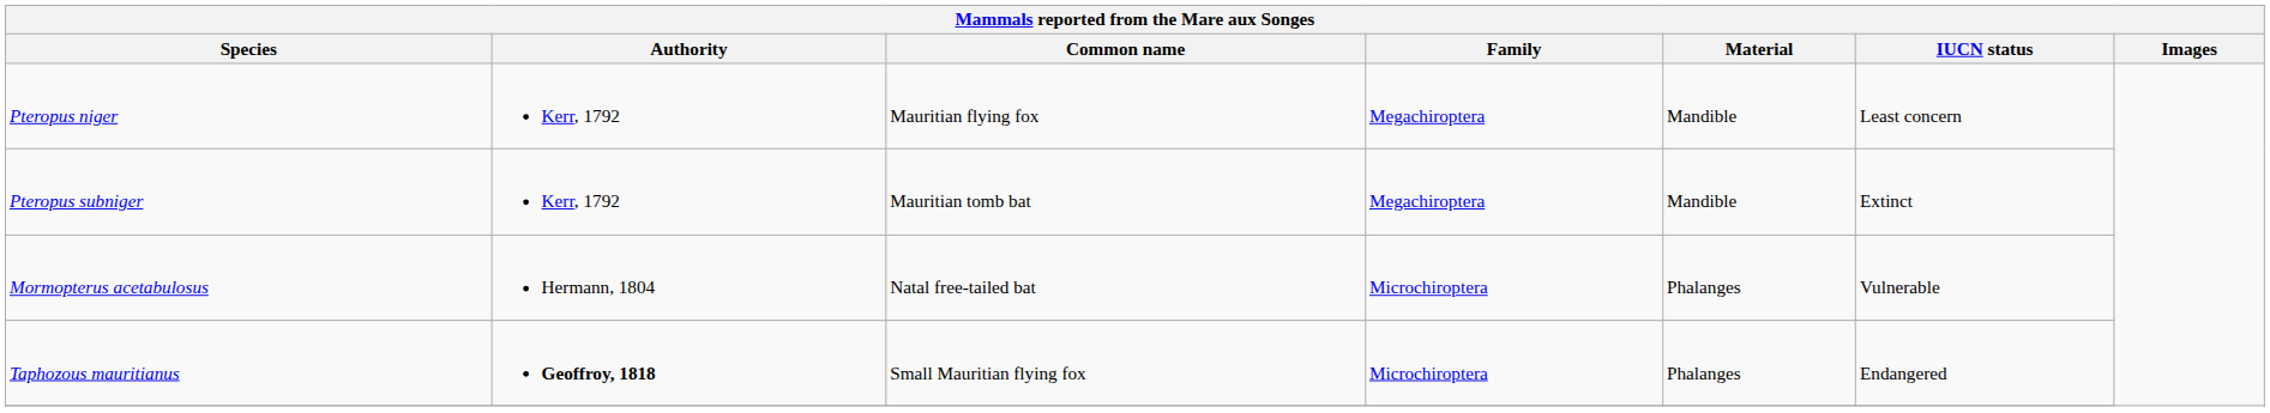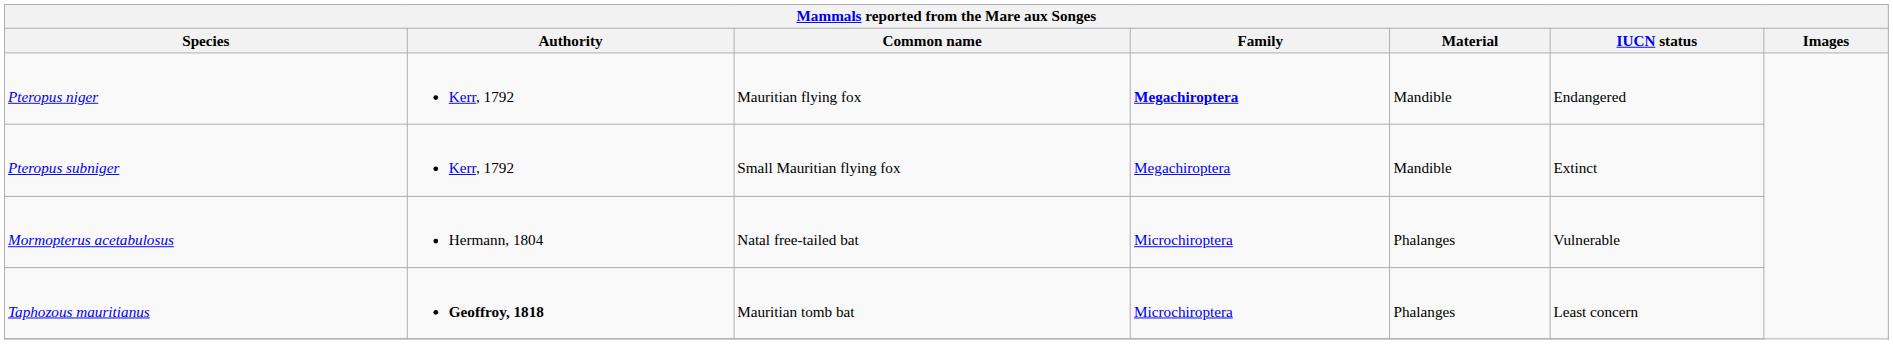 <table class="wikitable" align="center" width="100%">
 <tr>
 <th colspan="7" align="center"><strong><a href='#'>Mammals</a> reported from the Mare aux Songes</strong></th>
 </tr>
 <tr>
 <th>Species</th>
 <th>Authority</th>
 <th>Common name</th>
 <th>Family</th>
 <th>Material</th>
 <th><a href='#'>IUCN</a> status</th>
 <th>Images</th>
 </tr>
 <tr>
 <td><br><em><a href='#'>Pteropus niger</a></em></td>
 <td><br><ul><li><a href='#'>Kerr</a>, 1792</li></ul></td>
 <td><br>Mauritian flying fox</td>
-<td><br><a href='#'>Megachiroptera</a></td>
+<td><strong><br><a href='#'>Megachiroptera</a></strong></td>
 <td><br>Mandible</td>
-<td><br>Least concern</td>
+<td><br>Endangered</td>
 <td rowspan="99"><br> </td>
 </tr>
 <tr>
 <td><br><em><a href='#'>Pteropus subniger</a></em></td>
 <td><br><ul><li><a href='#'>Kerr</a>, 1792</li></ul></td>
-<td><br>Mauritian tomb bat</td>
+<td><br>Small Mauritian flying fox</td>
 <td><br><a href='#'>Megachiroptera</a></td>
 <td><br>Mandible</td>
 <td><br>Extinct</td>
 </tr>
 <tr>
 <td><br><em><a href='#'>Mormopterus acetabulosus</a></em></td>
 <td><br><ul><li>Hermann, 1804</li></ul></td>
 <td><br>Natal free-tailed bat</td>
 <td><br><a href='#'>Microchiroptera</a></td>
 <td><br>Phalanges</td>
 <td><br>Vulnerable</td>
 </tr>
 <tr>
 <td><br><em><a href='#'>Taphozous mauritianus</a></em></td>
 <td><strong><br><ul><li>Geoffroy, 1818</li></ul></strong></td>
-<td><br>Small Mauritian flying fox</td>
+<td><br>Mauritian tomb bat</td>
 <td><br><a href='#'>Microchiroptera</a></td>
 <td><br>Phalanges</td>
-<td><br>Endangered</td>
+<td><br>Least concern</td>
 </tr>
 <tr>
 </tr>
 </table>
